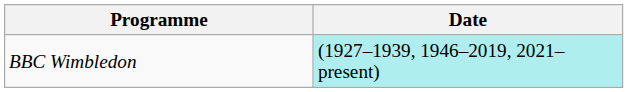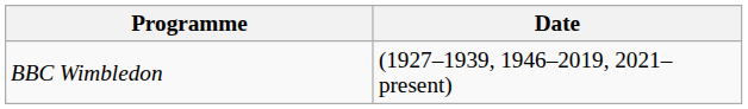 <table class="wikitable">
 <tr>
 <th width=250>Programme</th>
 <th width=250>Date</th>
 </tr>
 <tr>
 <td><em>BBC Wimbledon</em></td>
-<td style="background: paleturquoise;">(1927–1939, 1946–2019, 2021–present)</td>
+<td>(1927–1939, 1946–2019, 2021–present)</td>
 </tr>
 </table>
